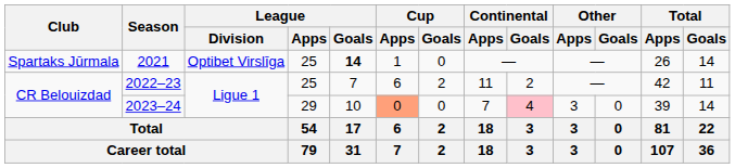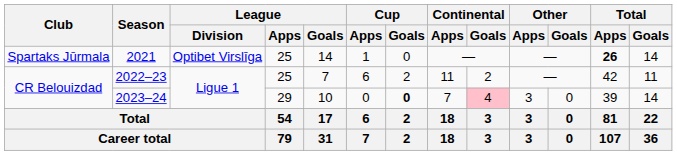 <table class="wikitable" style="text-align: center">
 <tr>
 <th rowspan="2">Club</th>
 <th rowspan="2">Season</th>
 <th colspan="3">League</th>
 <th colspan="2">Cup</th>
 <th colspan="2">Continental</th>
 <th colspan="2">Other</th>
 <th colspan="2">Total</th>
 </tr>
 <tr>
 <th>Division</th>
 <th>Apps</th>
 <th>Goals</th>
 <th>Apps</th>
 <th>Goals</th>
 <th>Apps</th>
 <th>Goals</th>
 <th>Apps</th>
 <th>Goals</th>
 <th>Apps</th>
 <th>Goals</th>
 </tr>
 <tr>
 <td><a href='#'>Spartaks Jūrmala</a></td>
 <td><a href='#'>2021</a></td>
 <td><a href='#'>Optibet Virslīga</a></td>
 <td>25</td>
-<td><strong>14</strong></td>
+<td>14</td>
 <td>1</td>
 <td>0</td>
 <td colspan=2>—</td>
 <td colspan=2>—</td>
-<td>26</td>
+<td><strong>26</strong></td>
 <td>14</td>
 </tr>
 <tr>
 <td rowspan=2><a href='#'>CR Belouizdad</a></td>
 <td><a href='#'>2022–23</a></td>
 <td rowspan=2><a href='#'>Ligue 1</a></td>
 <td>25</td>
 <td>7</td>
 <td>6</td>
 <td>2</td>
 <td>11</td>
 <td>2</td>
 <td colspan=2>—</td>
 <td>42</td>
 <td>11</td>
 </tr>
 <tr>
 <td><a href='#'>2023–24</a></td>
 <td>29</td>
 <td>10</td>
-<td style="background: lightsalmon;">0</td>
 <td>0</td>
+<td><strong>0</strong></td>
 <td>7</td>
 <td style="background: pink;">4</td>
 <td>3</td>
 <td>0</td>
 <td>39</td>
 <td>14</td>
 </tr>
 <tr>
 <th colspan="3">Total</th>
 <th>54</th>
 <th>17</th>
 <th>6</th>
 <th>2</th>
 <th>18</th>
 <th>3</th>
 <th>3</th>
 <th>0</th>
 <th>81</th>
 <th>22</th>
 </tr>
 <tr>
 <th colspan="3">Career total</th>
 <th>79</th>
 <th>31</th>
 <th>7</th>
 <th>2</th>
 <th>18</th>
 <th>3</th>
 <th>3</th>
 <th>0</th>
 <th>107</th>
 <th>36</th>
 </tr>
 </table>
